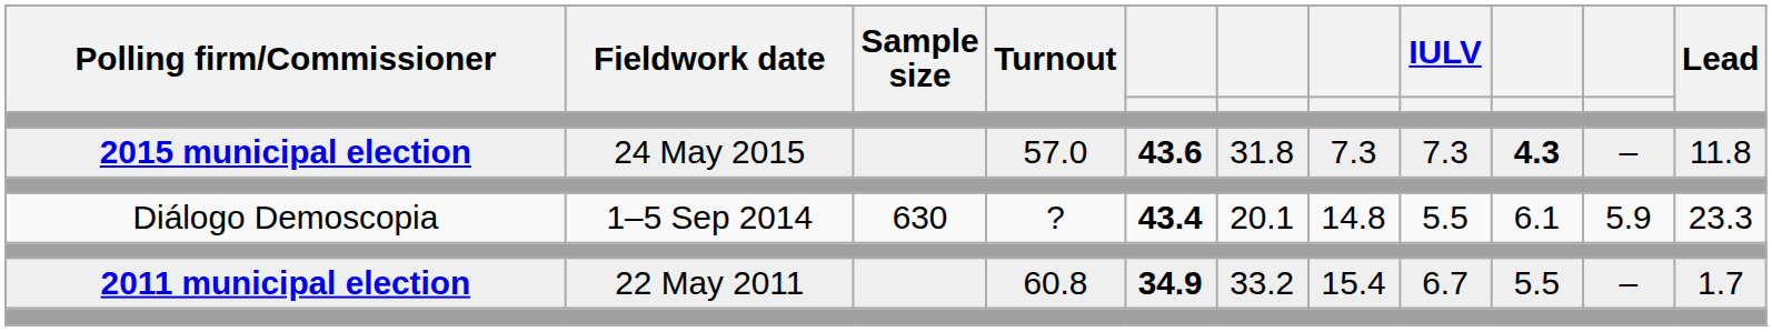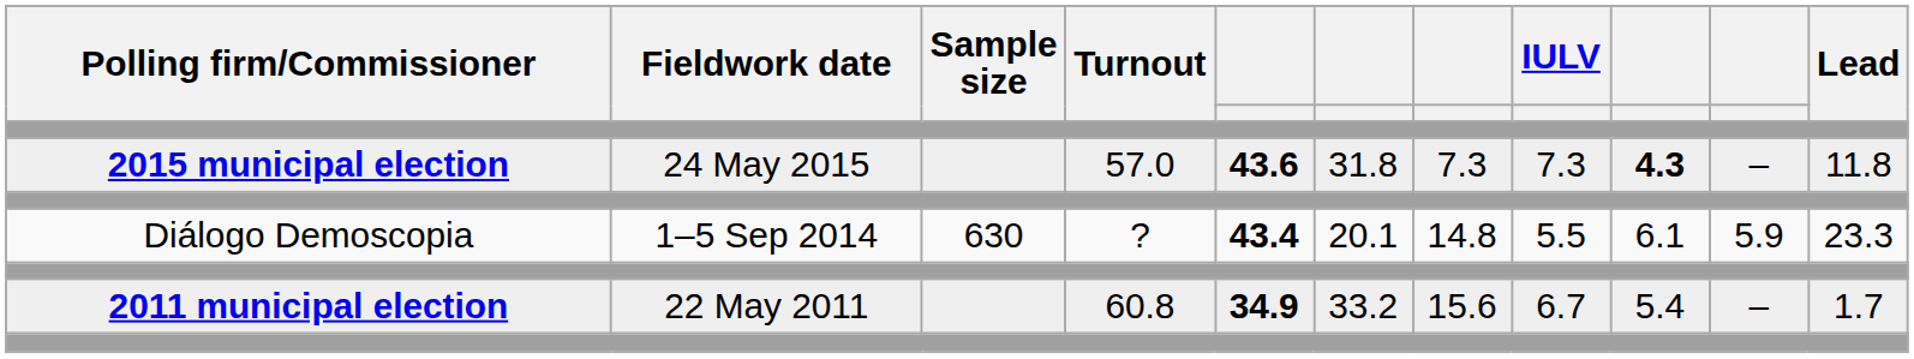 <table class="wikitable collapsible collapsed" style="text-align:center; font-size:95%; line-height:16px;">
 <tr style="height:42px;">
 <th style="width:250px;" rowspan="2">Polling firm/Commissioner</th>
 <th style="width:125px;" rowspan="2">Fieldwork date</th>
 <th style="width:50px;" rowspan="2">Sample size</th>
 <th style="width:45px;" rowspan="2">Turnout</th>
 <th style="width:35px;"></th>
 <th style="width:35px;"></th>
 <th style="width:35px;"></th>
 <th style="width:35px;"><a href='#'>IULV</a></th>
 <th style="width:35px;"></th>
 <th style="width:35px;"></th>
 <th style="width:30px;" rowspan="2">Lead</th>
 </tr>
 <tr>
 <th style="color:inherit;background:"></th>
 <th style="color:inherit;background:"></th>
 <th style="color:inherit;background:"></th>
 <th style="color:inherit;background:"></th>
 <th style="color:inherit;background:"></th>
 <th style="color:inherit;background:"></th>
 </tr>
 <tr>
 <td colspan="11" style="background:#A0A0A0"></td>
 </tr>
 <tr style="background:#EFEFEF;">
 <td><strong><a href='#'>2015 municipal election</a></strong></td>
 <td>24 May 2015</td>
 <td></td>
 <td>57.0</td>
 <td><strong>43.6</strong><br></td>
 <td>31.8<br></td>
 <td>7.3<br></td>
 <td>7.3<br></td>
 <td><strong>4.3<br></strong></td>
 <td>–</td>
 <td style="background:">11.8</td>
 </tr>
 <tr>
 <td colspan="11" style="background:#A0A0A0"></td>
 </tr>
 <tr>
 <td>Diálogo Demoscopia</td>
 <td>1–5 Sep 2014</td>
 <td>630</td>
 <td>?</td>
 <td><strong>43.4</strong><br></td>
 <td>20.1<br></td>
 <td>14.8<br></td>
 <td>5.5<br></td>
 <td>6.1<br></td>
 <td>5.9<br></td>
 <td style="background:">23.3</td>
 </tr>
 <tr>
 <td colspan="11" style="background:#A0A0A0"></td>
 </tr>
 <tr style="background:#EFEFEF;">
 <td><strong><a href='#'>2011 municipal election</a></strong></td>
 <td>22 May 2011</td>
 <td></td>
 <td>60.8</td>
 <td><strong>34.9</strong><br></td>
 <td>33.2<br></td>
-<td>15.4<br></td>
+<td>15.6<br></td>
 <td>6.7<br></td>
-<td>5.5<br></td>
+<td>5.4<br></td>
 <td>–</td>
 <td style="background:">1.7</td>
 </tr>
 <tr>
 <td colspan="11" style="background:#A0A0A0"></td>
 </tr>
 </table>
